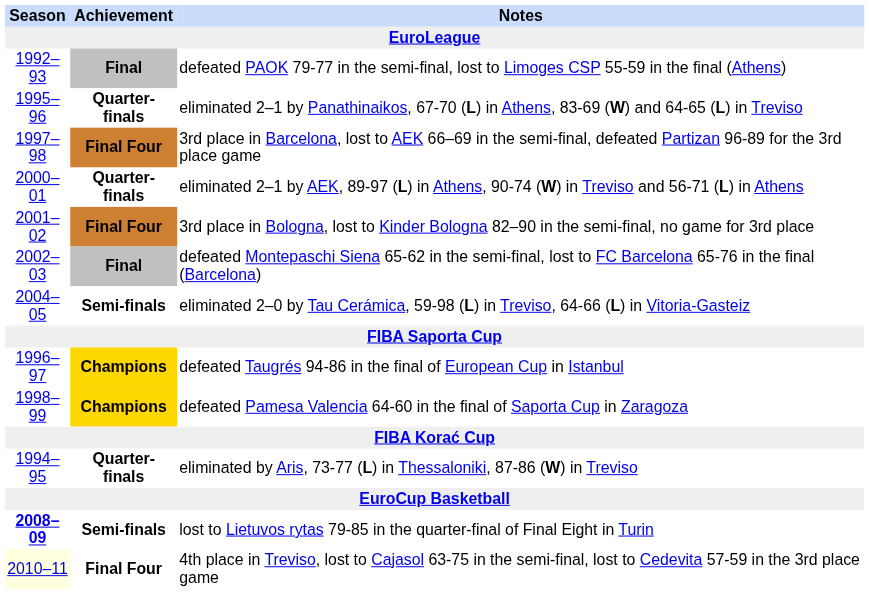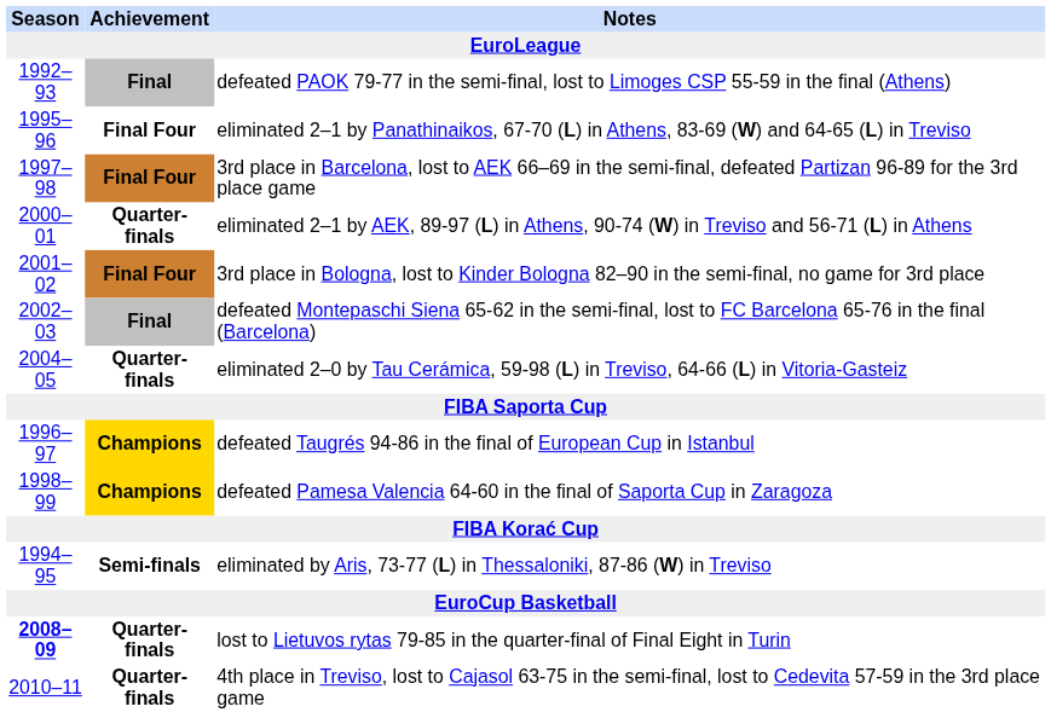 <table class="toccolours" border="0" cellpadding="2" cellspacing="0" align="left" style="margin:0.5em;">
 <tr bgcolor=#CADCFB>
 <th>Season</th>
 <th>Achievement</th>
 <th>Notes</th>
 </tr>
 <tr>
 <th colspan="4" bgcolor=#EFEFEF><a href='#'>EuroLeague</a></th>
 </tr>
 <tr>
 <td align="center"><a href='#'>1992–93</a></td>
 <td align="center" bgcolor= silver><strong>Final</strong></td>
 <td align="left">defeated <a href='#'>PAOK</a> 79-77 in the semi-final, lost to <a href='#'>Limoges CSP</a> 55-59 in the final (<a href='#'>Athens</a>)</td>
 </tr>
 <tr>
 <td align="center"><a href='#'>1995–96</a></td>
-<td align="center"><strong>Quarter-finals</strong></td>
+<td align="center"><strong>Final Four</strong></td>
 <td align="left">eliminated 2–1 by <a href='#'>Panathinaikos</a>, 67-70 (<strong>L</strong>) in <a href='#'>Athens</a>, 83-69 (<strong>W</strong>) and 64-65 (<strong>L</strong>) in <a href='#'>Treviso</a></td>
 </tr>
 <tr>
 <td align="center"><a href='#'>1997–98</a></td>
 <td align="center" bgcolor= #CD7F32><strong>Final Four</strong></td>
 <td align="left">3rd place in <a href='#'>Barcelona</a>, lost to <a href='#'>AEK</a> 66–69 in the semi-final, defeated <a href='#'>Partizan</a> 96-89 for the 3rd place game</td>
 </tr>
 <tr>
 <td align="center"><a href='#'>2000–01</a></td>
 <td align="center"><strong>Quarter-finals</strong></td>
 <td align="left">eliminated 2–1 by <a href='#'>AEK</a>, 89-97 (<strong>L</strong>) in <a href='#'>Athens</a>, 90-74 (<strong>W</strong>) in <a href='#'>Treviso</a> and 56-71 (<strong>L</strong>) in <a href='#'>Athens</a></td>
 </tr>
 <tr>
 <td align="center"><a href='#'>2001–02</a></td>
 <td align="center" bgcolor= #CD7F32><strong>Final Four</strong></td>
 <td align="left">3rd place in <a href='#'>Bologna</a>, lost to <a href='#'>Kinder Bologna</a> 82–90 in the semi-final, no game for 3rd place</td>
 </tr>
 <tr>
 <td align="center"><a href='#'>2002–03</a></td>
 <td align="center" bgcolor= silver><strong>Final</strong></td>
 <td align="left">defeated <a href='#'>Montepaschi Siena</a> 65-62 in the semi-final, lost to <a href='#'>FC Barcelona</a> 65-76 in the final (<a href='#'>Barcelona</a>)</td>
 </tr>
 <tr>
 <td align="center"><a href='#'>2004–05</a></td>
-<td align="center"><strong>Semi-finals</strong></td>
+<td align="center"><strong>Quarter-finals</strong></td>
 <td align="left">eliminated 2–0 by <a href='#'>Tau Cerámica</a>, 59-98 (<strong>L</strong>) in <a href='#'>Treviso</a>, 64-66 (<strong>L</strong>) in <a href='#'>Vitoria-Gasteiz</a></td>
 </tr>
 <tr>
 <th colspan="4" bgcolor=#EFEFEF><a href='#'>FIBA Saporta Cup</a></th>
 </tr>
 <tr>
 <td align="center"><a href='#'>1996–97</a></td>
 <td align="center" bgcolor="gold"><strong>Champions</strong></td>
 <td align="left">defeated <a href='#'>Taugrés</a> 94-86 in the final of <a href='#'>European Cup</a> in <a href='#'>Istanbul</a></td>
 </tr>
 <tr>
 <td align="center"><a href='#'>1998–99</a></td>
 <td align="center" bgcolor="gold"><strong>Champions</strong></td>
 <td align="left">defeated <a href='#'>Pamesa Valencia</a> 64-60 in the final of <a href='#'>Saporta Cup</a> in <a href='#'>Zaragoza</a></td>
 </tr>
 <tr>
 <th colspan="4" bgcolor=#EFEFEF><a href='#'>FIBA Korać Cup</a></th>
 </tr>
 <tr>
 <td align="center"><a href='#'>1994–95</a></td>
-<td align="center"><strong>Quarter-finals</strong></td>
+<td align="center"><strong>Semi-finals</strong></td>
 <td align="left">eliminated by <a href='#'>Aris</a>, 73-77 (<strong>L</strong>) in <a href='#'>Thessaloniki</a>, 87-86 (<strong>W</strong>) in <a href='#'>Treviso</a></td>
 </tr>
 <tr>
 <th colspan="4" bgcolor=#EFEFEF><a href='#'>EuroCup Basketball</a></th>
 </tr>
 <tr>
 <td align="center"><strong><a href='#'>2008–09</a></strong></td>
-<td align="center"><strong>Semi-finals</strong></td>
+<td align="center"><strong>Quarter-finals</strong></td>
 <td align="left">lost to <a href='#'>Lietuvos rytas</a> 79-85 in the quarter-final of Final Eight in <a href='#'>Turin</a></td>
 </tr>
 <tr>
-<td align="center" style="background: lightyellow;"><a href='#'>2010–11</a></td>
-<td align="center"><strong>Final Four</strong></td>
+<td align="center"><a href='#'>2010–11</a></td>
+<td align="center"><strong>Quarter-finals</strong></td>
 <td align="left">4th place in <a href='#'>Treviso</a>, lost to <a href='#'>Cajasol</a> 63-75 in the semi-final, lost to <a href='#'>Cedevita</a> 57-59 in the 3rd place game</td>
 </tr>
 </table>
